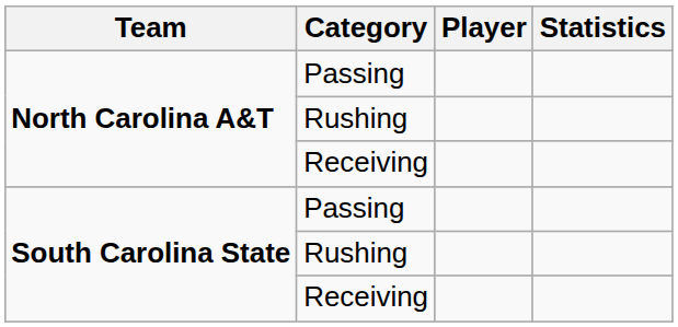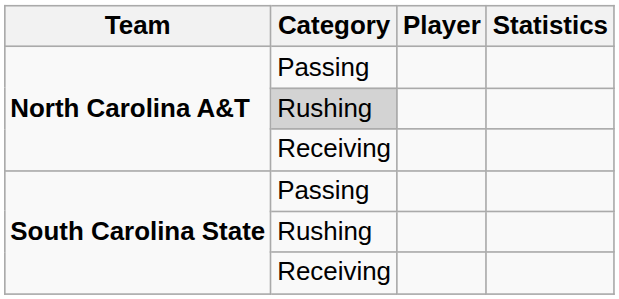 <table class="wikitable" style="float: right;">
 <tr>
 <th>Team</th>
 <th>Category</th>
 <th>Player</th>
 <th>Statistics</th>
 </tr>
 <tr>
 <td rowspan=3><strong>North Carolina A&T</strong></td>
 <td>Passing</td>
 <td></td>
 <td></td>
 </tr>
 <tr>
-<td>Rushing</td>
+<td style="background: lightgrey;">Rushing</td>
 <td></td>
 <td></td>
 </tr>
 <tr>
 <td>Receiving</td>
 <td></td>
 <td></td>
 </tr>
 <tr>
 <td rowspan=3><strong>South Carolina State</strong></td>
 <td>Passing</td>
 <td></td>
 <td></td>
 </tr>
 <tr>
 <td>Rushing</td>
 <td></td>
 <td></td>
 </tr>
 <tr>
 <td>Receiving</td>
 <td></td>
 <td></td>
 </tr>
 </table>
